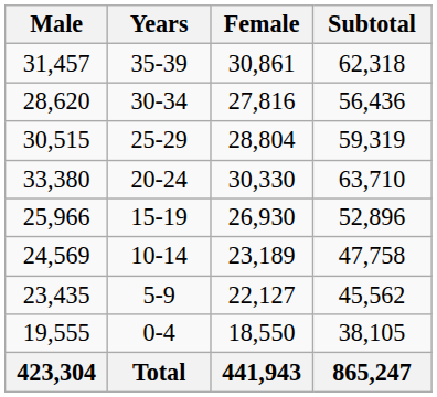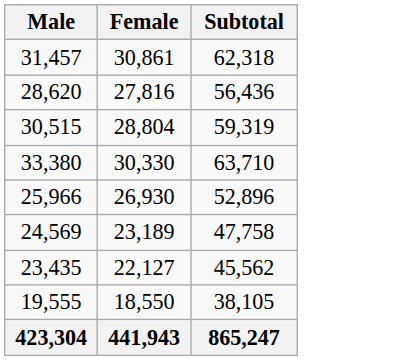 <table class="wikitable" style="display:inline-table;">
 <tr>
 <th colspan style="width:60px;">Male</th>
-<th colspan style="width:60px;">Years</th>
 <th colspan style="width:60px;">Female</th>
 <th colspan style="width:70px;">Subtotal</th>
 </tr>
 <tr>
 <td style="text-align:center;">31,457</td>
-<td style="text-align:center;">35-39</td>
 <td style="text-align:center;">30,861</td>
 <td style="text-align:center;">62,318</td>
 </tr>
 <tr>
 <td style="text-align:center;">28,620</td>
-<td style="text-align:center;">30-34</td>
 <td style="text-align:center;">27,816</td>
 <td style="text-align:center;">56,436</td>
 </tr>
 <tr>
 <td style="text-align:center;">30,515</td>
-<td style="text-align:center;">25-29</td>
 <td style="text-align:center;">28,804</td>
 <td style="text-align:center;">59,319</td>
 </tr>
 <tr>
 <td style="text-align:center;">33,380</td>
-<td style="text-align:center;">20-24</td>
 <td style="text-align:center;">30,330</td>
 <td style="text-align:center;">63,710</td>
 </tr>
 <tr>
 <td style="text-align:center;">25,966</td>
-<td style="text-align:center;">15-19</td>
 <td style="text-align:center;">26,930</td>
 <td style="text-align:center;">52,896</td>
 </tr>
 <tr>
 <td style="text-align:center;">24,569</td>
-<td style="text-align:center;">10-14</td>
 <td style="text-align:center;">23,189</td>
 <td style="text-align:center;">47,758</td>
 </tr>
 <tr>
 <td style="text-align:center;">23,435</td>
-<td style="text-align:center;">5-9</td>
 <td style="text-align:center;">22,127</td>
 <td style="text-align:center;">45,562</td>
 </tr>
 <tr>
 <td style="text-align:center;">19,555</td>
-<td style="text-align:center;">0-4</td>
 <td style="text-align:center;">18,550</td>
 <td style="text-align:center;">38,105</td>
 </tr>
 <tr>
 <th style="text-align:center;">423,304</th>
-<th>Total</th>
 <th style="text-align:center;">441,943</th>
 <th style="text-align:center;">865,247</th>
 </tr>
 </table>
